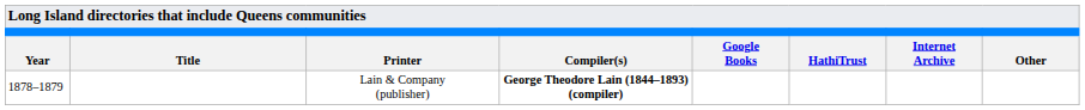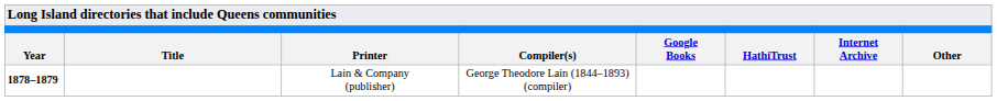 <table class="wikitable collapsible sortable static-row-numbers" cellpadding="1" style="color: black; background-color: #FFFFFF; font-size: 90%; width:100%">
 <tr class="static-row-header" style="text-align:center;vertical-align:bottom;">
 <th style="text-align:left; background:#eaecf0; border-style: solid; border-width: 0px 0px 0px 0px;" colspan=8><big><strong>Long Island directories that include Queens communities</strong></big></th>
 </tr>
 <tr class="static-row-header" style="text-align:center;vertical-align:bottom;border-style: solid; border-color: #0085ff; border-width: 10px 0px 0px 0px;">
 <th>Year</th>
 <th>Title</th>
 <th>Printer</th>
 <th>Compiler(s)</th>
 <th><a href='#'>Google<br>Books</a></th>
 <th><a href='#'>HathiTrust</a></th>
 <th><a href='#'>Internet<br>Archive</a></th>
 <th>Other</th>
 </tr>
 <tr>
-<td width="6%;" data-sort-value="1878">1878–1879</td>
+<td width="6%;" data-sort-value="1878"><strong>1878–1879</strong></td>
 <td width="22%" data-sort-value="lains 1878"></td>
 <td style="text-align:center" width="18%" data-sort-value="lain 1878">Lain & Company<br>(publisher)</td>
-<td style="text-align:center" width="18%" data-sort-value="lain 1878"><strong>George Theodore Lain (1844–1893)<br>(compiler)</strong></td>
+<td style="text-align:center" width="18%" data-sort-value="lain 1878">George Theodore Lain (1844–1893)<br>(compiler)</td>
 <td style="text-align:center" width="9%"></td>
 <td style="text-align:center" width="9%"></td>
 <td style="text-align:center" width="9%" data-sort-value="allen county 1878"><br><br></td>
 <td style="text-align:center" width="9%"></td>
 </tr>
 </table>
